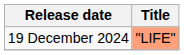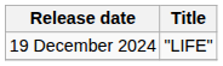 <table class="wikitable sortable" style="text-align:center;">
 <tr>
 <th>Release date</th>
 <th>Title</th>
 </tr>
 <tr>
 <td>19 December 2024</td>
-<td style="background: lightsalmon;">"LIFE"</td>
+<td>"LIFE"</td>
 </tr>
 <tr>
 </tr>
 </table>
